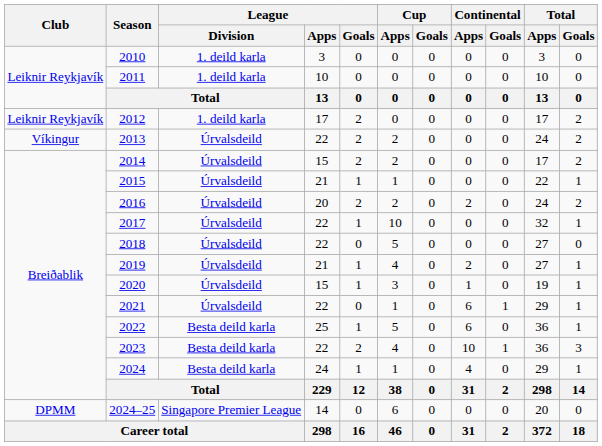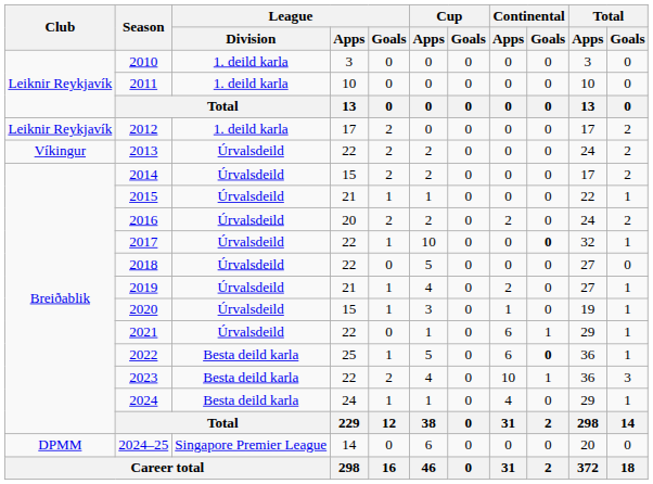 <table class="wikitable" style="text-align:center">
 <tr>
 <th rowspan=2>Club</th>
 <th rowspan=2>Season</th>
 <th colspan=3>League</th>
 <th colspan=2>Cup</th>
 <th colspan=2>Continental</th>
 <th colspan=2>Total</th>
 </tr>
 <tr>
 <th>Division</th>
 <th>Apps</th>
 <th>Goals</th>
 <th>Apps</th>
 <th>Goals</th>
 <th>Apps</th>
 <th>Goals</th>
 <th>Apps</th>
 <th>Goals</th>
 </tr>
 <tr>
 <td rowspan=3><a href='#'>Leiknir Reykjavík</a></td>
 <td><a href='#'>2010</a></td>
 <td><a href='#'>1. deild karla</a></td>
 <td>3</td>
 <td>0</td>
 <td>0</td>
 <td>0</td>
 <td>0</td>
 <td>0</td>
 <td>3</td>
 <td>0</td>
 </tr>
 <tr>
 <td><a href='#'>2011</a></td>
 <td><a href='#'>1. deild karla</a></td>
 <td>10</td>
 <td>0</td>
 <td>0</td>
 <td>0</td>
 <td>0</td>
 <td>0</td>
 <td>10</td>
 <td>0</td>
 </tr>
 <tr>
 <th colspan="2">Total</th>
 <th>13</th>
 <th>0</th>
 <th>0</th>
 <th>0</th>
 <th>0</th>
 <th>0</th>
 <th>13</th>
 <th>0</th>
 </tr>
 <tr>
 <td><a href='#'>Leiknir Reykjavík</a></td>
 <td><a href='#'>2012</a></td>
 <td><a href='#'>1. deild karla</a></td>
 <td>17</td>
 <td>2</td>
 <td>0</td>
 <td>0</td>
 <td>0</td>
 <td>0</td>
 <td>17</td>
 <td>2</td>
 </tr>
 <tr>
 <td><a href='#'>Víkingur</a></td>
 <td><a href='#'>2013</a></td>
 <td><a href='#'>Úrvalsdeild</a></td>
 <td>22</td>
 <td>2</td>
 <td>2</td>
 <td>0</td>
 <td>0</td>
 <td>0</td>
 <td>24</td>
 <td>2</td>
 </tr>
 <tr>
 <td rowspan=12><a href='#'>Breiðablik</a></td>
 <td><a href='#'>2014</a></td>
 <td><a href='#'>Úrvalsdeild</a></td>
 <td>15</td>
 <td>2</td>
 <td>2</td>
 <td>0</td>
 <td>0</td>
 <td>0</td>
 <td>17</td>
 <td>2</td>
 </tr>
 <tr>
 <td><a href='#'>2015</a></td>
 <td><a href='#'>Úrvalsdeild</a></td>
 <td>21</td>
 <td>1</td>
 <td>1</td>
 <td>0</td>
 <td>0</td>
 <td>0</td>
 <td>22</td>
 <td>1</td>
 </tr>
 <tr>
 <td><a href='#'>2016</a></td>
 <td><a href='#'>Úrvalsdeild</a></td>
 <td>20</td>
 <td>2</td>
 <td>2</td>
 <td>0</td>
 <td>2</td>
 <td>0</td>
 <td>24</td>
 <td>2</td>
 </tr>
 <tr>
 <td><a href='#'>2017</a></td>
 <td><a href='#'>Úrvalsdeild</a></td>
 <td>22</td>
 <td>1</td>
 <td>10</td>
 <td>0</td>
 <td>0</td>
-<td>0</td>
+<td><strong>0</strong></td>
 <td>32</td>
 <td>1</td>
 </tr>
 <tr>
 <td><a href='#'>2018</a></td>
 <td><a href='#'>Úrvalsdeild</a></td>
 <td>22</td>
 <td>0</td>
 <td>5</td>
 <td>0</td>
 <td>0</td>
 <td>0</td>
 <td>27</td>
 <td>0</td>
 </tr>
 <tr>
 <td><a href='#'>2019</a></td>
 <td><a href='#'>Úrvalsdeild</a></td>
 <td>21</td>
 <td>1</td>
 <td>4</td>
 <td>0</td>
 <td>2</td>
 <td>0</td>
 <td>27</td>
 <td>1</td>
 </tr>
 <tr>
 <td><a href='#'>2020</a></td>
 <td><a href='#'>Úrvalsdeild</a></td>
 <td>15</td>
 <td>1</td>
 <td>3</td>
 <td>0</td>
 <td>1</td>
 <td>0</td>
 <td>19</td>
 <td>1</td>
 </tr>
 <tr>
 <td><a href='#'>2021</a></td>
 <td><a href='#'>Úrvalsdeild</a></td>
 <td>22</td>
 <td>0</td>
 <td>1</td>
 <td>0</td>
 <td>6</td>
 <td>1</td>
 <td>29</td>
 <td>1</td>
 </tr>
 <tr>
 <td><a href='#'>2022</a></td>
 <td><a href='#'>Besta deild karla</a></td>
 <td>25</td>
 <td>1</td>
 <td>5</td>
 <td>0</td>
 <td>6</td>
-<td>0</td>
+<td><strong>0</strong></td>
 <td>36</td>
 <td>1</td>
 </tr>
 <tr>
 <td><a href='#'>2023</a></td>
 <td><a href='#'>Besta deild karla</a></td>
 <td>22</td>
 <td>2</td>
 <td>4</td>
 <td>0</td>
 <td>10</td>
 <td>1</td>
 <td>36</td>
 <td>3</td>
 </tr>
 <tr>
 <td><a href='#'>2024</a></td>
 <td><a href='#'>Besta deild karla</a></td>
 <td>24</td>
 <td>1</td>
 <td>1</td>
 <td>0</td>
 <td>4</td>
 <td>0</td>
 <td>29</td>
 <td>1</td>
 </tr>
 <tr>
 <th colspan="2">Total</th>
 <th>229</th>
 <th>12</th>
 <th>38</th>
 <th>0</th>
 <th>31</th>
 <th>2</th>
 <th>298</th>
 <th>14</th>
 </tr>
 <tr>
 <td><a href='#'>DPMM</a></td>
 <td><a href='#'>2024–25</a></td>
 <td><a href='#'>Singapore Premier League</a></td>
 <td>14</td>
 <td>0</td>
 <td>6</td>
 <td>0</td>
 <td>0</td>
 <td>0</td>
 <td>20</td>
 <td>0</td>
 </tr>
 <tr>
 <th colspan="3">Career total</th>
 <th>298</th>
 <th>16</th>
 <th>46</th>
 <th>0</th>
 <th>31</th>
 <th>2</th>
 <th>372</th>
 <th>18</th>
 </tr>
 </table>
